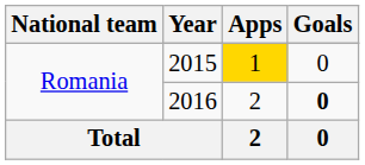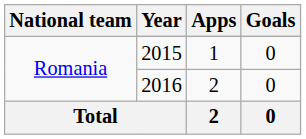 <table class="wikitable" style="text-align: center;">
 <tr>
 <th>National team</th>
 <th>Year</th>
 <th>Apps</th>
 <th>Goals</th>
 </tr>
 <tr>
 <td rowspan="3"><a href='#'>Romania</a></td>
 </tr>
 <tr>
 <td>2015</td>
-<td style="background: gold;">1</td>
+<td>1</td>
 <td>0</td>
 </tr>
 <tr>
 <td>2016</td>
 <td>2</td>
-<td><strong>0</strong></td>
+<td>0</td>
 </tr>
 <tr>
 <th colspan=2>Total</th>
 <th>2</th>
 <th>0</th>
 </tr>
 </table>
